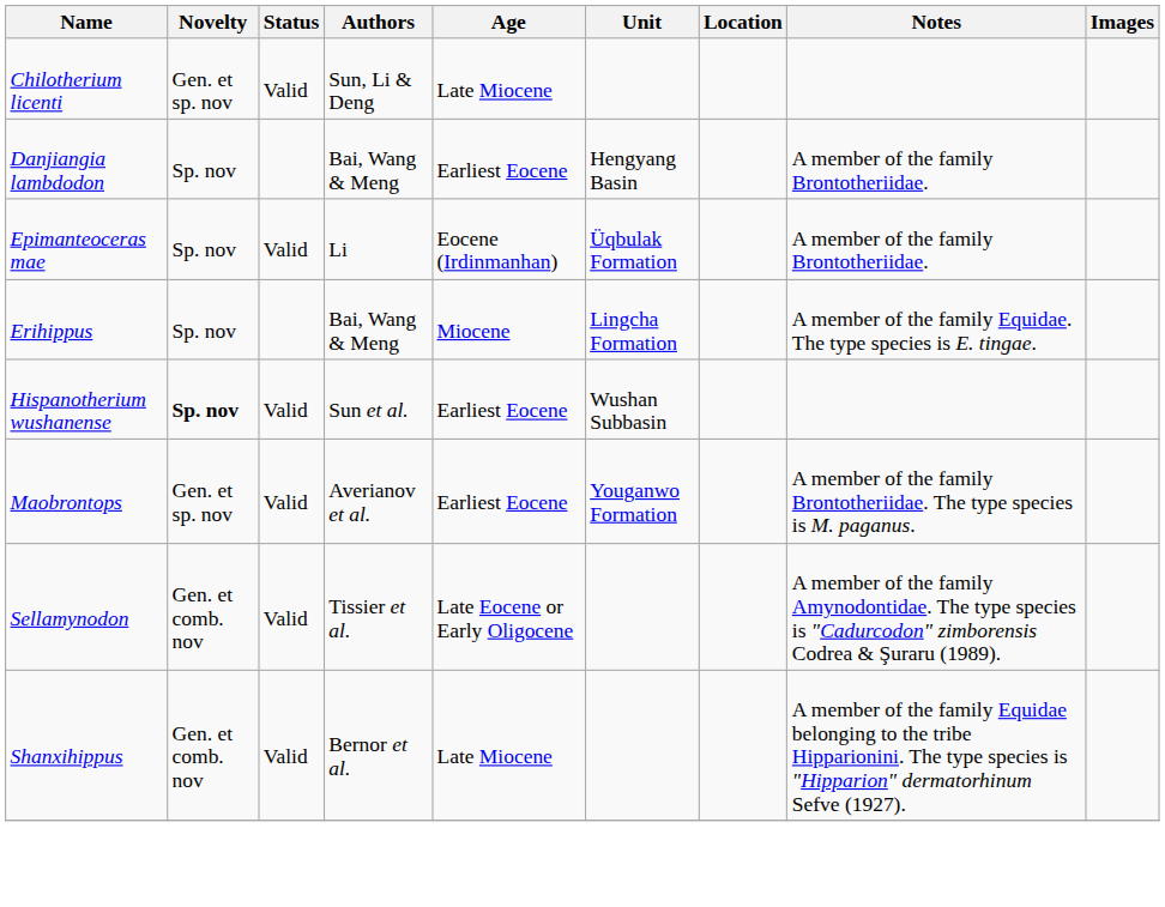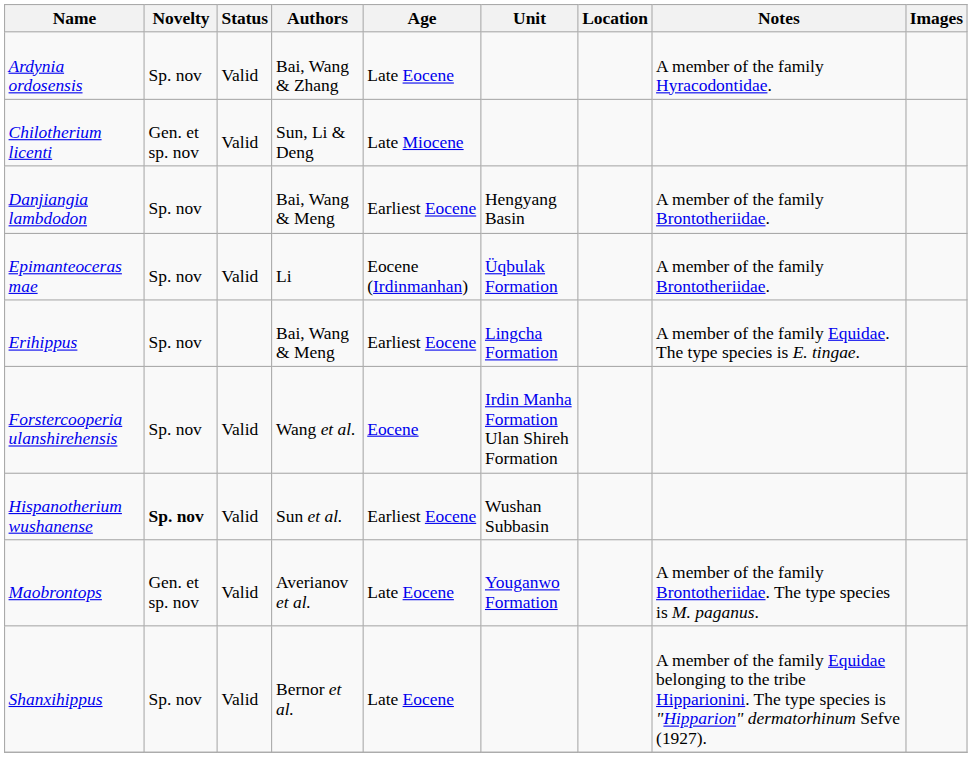 <table class="wikitable sortable" align="center" width="100%">
 <tr>
 <th>Name</th>
 <th>Novelty</th>
 <th>Status</th>
 <th>Authors</th>
 <th>Age</th>
 <th>Unit</th>
 <th>Location</th>
 <th>Notes</th>
 <th>Images</th>
+</tr>
+<tr>
+<td><br><em><a href='#'>Ardynia ordosensis</a></em></td>
+<td><br>Sp. nov</td>
+<td><br>Valid</td>
+<td><br>Bai, Wang & Zhang</td>
+<td><br>Late <a href='#'>Eocene</a></td>
+<td></td>
+<td><br></td>
+<td><br>A member of the family <a href='#'>Hyracodontidae</a>.</td>
+<td></td>
 </tr>
 <tr>
 <td><br><em><a href='#'>Chilotherium licenti</a></em></td>
 <td><br>Gen. et sp. nov</td>
 <td><br>Valid</td>
 <td><br>Sun, Li & Deng</td>
 <td><br>Late <a href='#'>Miocene</a></td>
 <td></td>
 <td><br></td>
 <td></td>
 <td></td>
 </tr>
 <tr>
 <td><br><em><a href='#'>Danjiangia lambdodon</a></em></td>
 <td><br>Sp. nov</td>
 <td></td>
 <td><br>Bai, Wang & Meng</td>
 <td><br>Earliest <a href='#'>Eocene</a></td>
 <td><br>Hengyang Basin</td>
 <td><br></td>
 <td><br>A member of the family <a href='#'>Brontotheriidae</a>.</td>
 <td></td>
 </tr>
 <tr>
 <td><br><em><a href='#'>Epimanteoceras mae</a></em></td>
 <td><br>Sp. nov</td>
 <td><br>Valid</td>
 <td><br>Li</td>
 <td><br>Eocene (<a href='#'>Irdinmanhan</a>)</td>
 <td><br><a href='#'>Üqbulak Formation</a></td>
 <td><br></td>
 <td><br>A member of the family <a href='#'>Brontotheriidae</a>.</td>
 <td></td>
 </tr>
 <tr>
 <td><br><em><a href='#'>Erihippus</a></em></td>
 <td><br>Sp. nov</td>
 <td></td>
 <td><br>Bai, Wang & Meng</td>
-<td><br><a href='#'>Miocene</a></td>
+<td><br>Earliest <a href='#'>Eocene</a></td>
 <td><br><a href='#'>Lingcha Formation</a></td>
 <td><br></td>
 <td><br>A member of the family <a href='#'>Equidae</a>. The type species is <em>E. tingae</em>.</td>
+<td></td>
+</tr>
+<tr>
+<td><br><em><a href='#'>Forstercooperia ulanshirehensis</a></em></td>
+<td><br>Sp. nov</td>
+<td><br>Valid</td>
+<td><br>Wang <em>et al.</em></td>
+<td><br><a href='#'>Eocene</a></td>
+<td><br><a href='#'>Irdin Manha Formation</a><br> Ulan Shireh Formation</td>
+<td><br></td>
+<td></td>
 <td></td>
 </tr>
 <tr>
 <td><br><em><a href='#'>Hispanotherium wushanense</a></em></td>
 <td><strong><br>Sp. nov</strong></td>
 <td><br>Valid</td>
 <td><br>Sun <em>et al.</em></td>
 <td><br>Earliest <a href='#'>Eocene</a></td>
 <td><br>Wushan Subbasin</td>
 <td><br></td>
 <td></td>
 <td></td>
 </tr>
 <tr>
 <td><br><em><a href='#'>Maobrontops</a></em></td>
 <td><br>Gen. et sp. nov</td>
 <td><br>Valid</td>
 <td><br>Averianov <em>et al.</em></td>
-<td><br>Earliest <a href='#'>Eocene</a></td>
+<td><br>Late <a href='#'>Eocene</a></td>
 <td><br><a href='#'>Youganwo Formation</a></td>
 <td><br></td>
 <td><br>A member of the family <a href='#'>Brontotheriidae</a>. The type species is <em>M. paganus</em>.</td>
 <td></td>
 </tr>
 <tr>
-<td><br><em><a href='#'>Sellamynodon</a></em></td>
-<td><br>Gen. et comb. nov</td>
-<td><br>Valid</td>
-<td><br>Tissier <em>et al.</em></td>
-<td><br>Late <a href='#'>Eocene</a> or Early <a href='#'>Oligocene</a></td>
-<td></td>
-<td><br></td>
-<td><br>A member of the family <a href='#'>Amynodontidae</a>. The type species is <em>"<a href='#'>Cadurcodon</a>" zimborensis</em> Codrea & Şuraru (1989).</td>
-<td></td>
-</tr>
-<tr>
 <td><br><em><a href='#'>Shanxihippus</a></em></td>
-<td><br>Gen. et comb. nov</td>
+<td><br>Sp. nov</td>
 <td><br>Valid</td>
 <td><br>Bernor <em>et al.</em></td>
-<td><br>Late <a href='#'>Miocene</a></td>
+<td><br>Late <a href='#'>Eocene</a></td>
 <td></td>
 <td><br></td>
 <td><br>A member of the family <a href='#'>Equidae</a> belonging to the tribe <a href='#'>Hipparionini</a>. The type species is <em>"<a href='#'>Hipparion</a>" dermatorhinum</em> Sefve (1927).</td>
 <td></td>
 </tr>
 <tr>
 </tr>
 </table>
